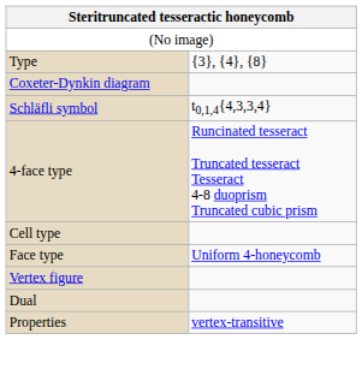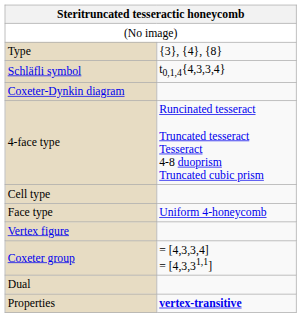 <table class="wikitable" align="right" style="margin-left:10px" width="400">
 <tr>
 <th bgcolor=#e7dcc3 colspan=2>Steritruncated tesseractic honeycomb</th>
 </tr>
 <tr>
 <td bgcolor=#ffffff align=center colspan=2>(No image)</td>
 </tr>
 <tr>
 <td bgcolor=#e7dcc3>Type</td>
 <td>{3}, {4}, {8}</td>
 </tr>
 <tr>
+<td bgcolor=#e7dcc3><a href='#'>Schläfli symbol</a></td>
+<td>t<sub>0,1,4</sub>{4,3,3,4}</td>
+</tr>
+<tr>
 <td bgcolor=#e7dcc3><a href='#'>Coxeter-Dynkin diagram</a></td>
 <td></td>
-</tr>
-<tr>
-<td bgcolor=#e7dcc3><a href='#'>Schläfli symbol</a></td>
-<td>t<sub>0,1,4</sub>{4,3,3,4}</td>
 </tr>
 <tr>
 <td bgcolor=#e7dcc3>4-face type</td>
 <td><a href='#'>Runcinated tesseract</a><br><br><a href='#'>Truncated tesseract</a> <br> <a href='#'>Tesseract</a> <br> 4-8 <a href='#'>duoprism</a> <br> <a href='#'>Truncated cubic prism</a> </td>
 </tr>
 <tr>
 <td bgcolor=#e7dcc3>Cell type</td>
 <td></td>
 </tr>
 <tr>
 <td bgcolor=#e7dcc3>Face type</td>
 <td><a href='#'>Uniform 4-honeycomb</a></td>
 </tr>
 <tr>
 <td bgcolor=#e7dcc3><a href='#'>Vertex figure</a></td>
 <td></td>
 </tr>
 <tr>
+<td bgcolor=#e7dcc3><a href='#'>Coxeter group</a></td>
+<td> = [4,3,3,4]<br> = [4,3,3<sup>1,1</sup>]</td>
+</tr>
+<tr>
 <td bgcolor=#e7dcc3>Dual</td>
 <td></td>
 </tr>
 <tr>
 <td bgcolor=#e7dcc3>Properties</td>
-<td><a href='#'>vertex-transitive</a></td>
+<td><strong><a href='#'>vertex-transitive</a></strong></td>
 </tr>
 </table>
